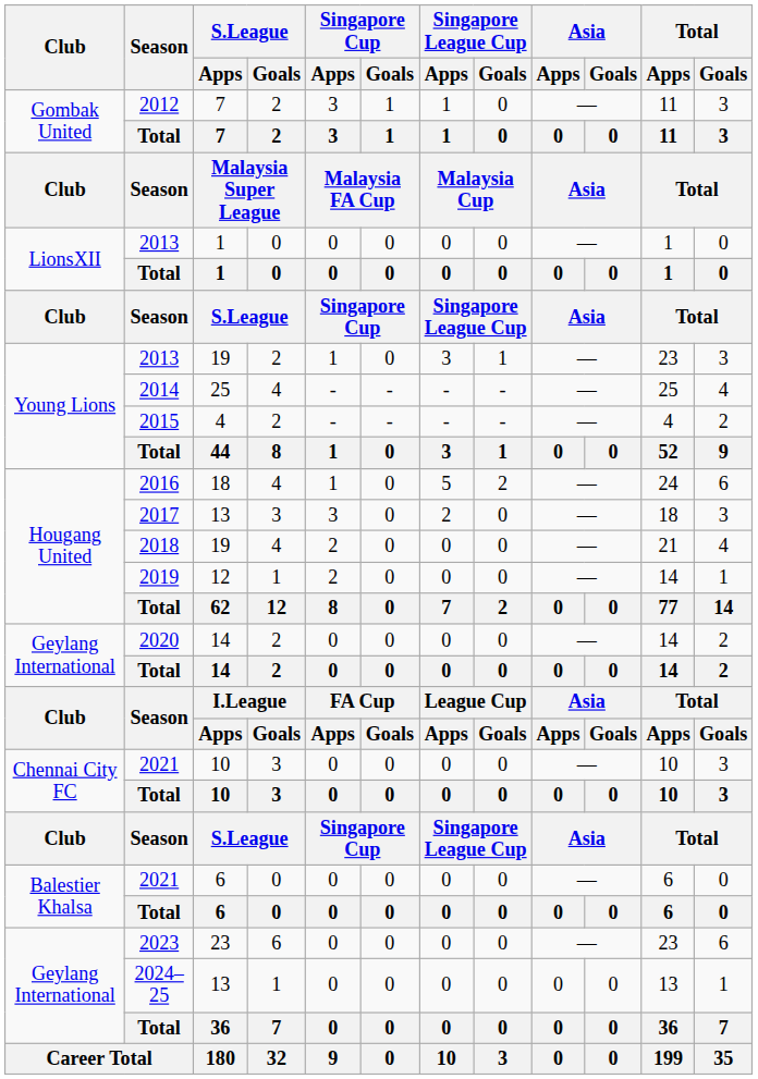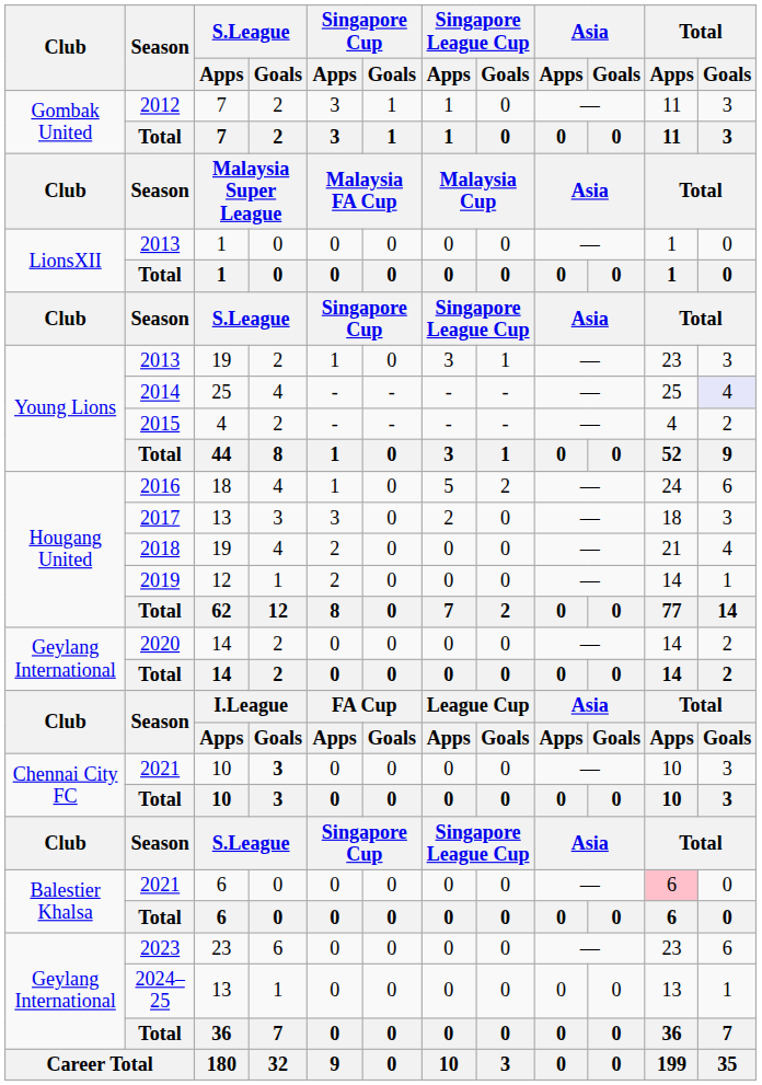 <table class="wikitable" style="text-align:center">
 <tr>
 <th rowspan="2">Club</th>
 <th rowspan="2">Season</th>
 <th colspan="2"><a href='#'>S.League</a></th>
 <th colspan="2"><a href='#'>Singapore Cup</a></th>
 <th colspan="2"><a href='#'>Singapore<br>League Cup</a></th>
 <th colspan="2"><a href='#'>Asia</a></th>
 <th colspan="2">Total</th>
 </tr>
 <tr>
 <th>Apps</th>
 <th>Goals</th>
 <th>Apps</th>
 <th>Goals</th>
 <th>Apps</th>
 <th>Goals</th>
 <th>Apps</th>
 <th>Goals</th>
 <th>Apps</th>
 <th>Goals</th>
 </tr>
 <tr>
 <td rowspan="2"><a href='#'>Gombak United</a></td>
 <td><a href='#'>2012</a></td>
 <td>7</td>
 <td>2</td>
 <td>3</td>
 <td>1</td>
 <td>1</td>
 <td>0</td>
 <td colspan='2'>—</td>
 <td>11</td>
 <td>3</td>
 </tr>
 <tr>
 <th>Total</th>
 <th>7</th>
 <th>2</th>
 <th>3</th>
 <th>1</th>
 <th>1</th>
 <th>0</th>
 <th>0</th>
 <th>0</th>
 <th>11</th>
 <th>3</th>
 </tr>
 <tr>
 <th>Club</th>
 <th>Season</th>
 <th colspan="2"><a href='#'>Malaysia<br>Super League</a></th>
 <th colspan="2"><a href='#'>Malaysia<br>FA Cup</a></th>
 <th colspan="2"><a href='#'>Malaysia Cup</a></th>
 <th colspan="2"><a href='#'>Asia</a></th>
 <th colspan="2">Total</th>
 </tr>
 <tr>
 <td rowspan="2"><a href='#'>LionsXII</a></td>
 <td><a href='#'>2013</a></td>
 <td>1</td>
 <td>0</td>
 <td>0</td>
 <td>0</td>
 <td>0</td>
 <td>0</td>
 <td colspan='2'>—</td>
 <td>1</td>
 <td>0</td>
 </tr>
 <tr>
 <th>Total</th>
 <th>1</th>
 <th>0</th>
 <th>0</th>
 <th>0</th>
 <th>0</th>
 <th>0</th>
 <th>0</th>
 <th>0</th>
 <th>1</th>
 <th>0</th>
 </tr>
 <tr>
 <th rowspan="1">Club</th>
 <th rowspan="1">Season</th>
 <th colspan="2"><a href='#'>S.League</a></th>
 <th colspan="2"><a href='#'>Singapore Cup</a></th>
 <th colspan="2"><a href='#'>Singapore<br>League Cup</a></th>
 <th colspan="2"><a href='#'>Asia</a></th>
 <th colspan="2">Total</th>
 </tr>
 <tr>
 <td rowspan="4"><a href='#'>Young Lions</a></td>
 <td><a href='#'>2013</a></td>
 <td>19</td>
 <td>2</td>
 <td>1</td>
 <td>0</td>
 <td>3</td>
 <td>1</td>
 <td colspan="2">—</td>
 <td>23</td>
 <td>3</td>
 </tr>
 <tr>
 <td><a href='#'>2014</a></td>
 <td>25</td>
 <td>4</td>
 <td>-</td>
 <td>-</td>
 <td>-</td>
 <td>-</td>
 <td colspan="2">—</td>
 <td>25</td>
-<td>4</td>
+<td style="background: lavender;">4</td>
 </tr>
 <tr>
 <td><a href='#'>2015</a></td>
 <td>4</td>
 <td>2</td>
 <td>-</td>
 <td>-</td>
 <td>-</td>
 <td>-</td>
 <td colspan="2">—</td>
 <td>4</td>
 <td>2</td>
 </tr>
 <tr>
 <th>Total</th>
 <th>44</th>
 <th>8</th>
 <th>1</th>
 <th>0</th>
 <th>3</th>
 <th>1</th>
 <th>0</th>
 <th>0</th>
 <th>52</th>
 <th>9</th>
 </tr>
 <tr>
 <td rowspan="5"><a href='#'>Hougang United</a></td>
 <td><a href='#'>2016</a></td>
 <td>18</td>
 <td>4</td>
 <td>1</td>
 <td>0</td>
 <td>5</td>
 <td>2</td>
 <td colspan="2">—</td>
 <td>24</td>
 <td>6</td>
 </tr>
 <tr>
 <td><a href='#'>2017</a></td>
 <td>13</td>
 <td>3</td>
 <td>3</td>
 <td>0</td>
 <td>2</td>
 <td>0</td>
 <td colspan='2'>—</td>
 <td>18</td>
 <td>3</td>
 </tr>
 <tr>
 <td><a href='#'>2018</a></td>
 <td>19</td>
 <td>4</td>
 <td>2</td>
 <td>0</td>
 <td>0</td>
 <td>0</td>
 <td colspan='2'>—</td>
 <td>21</td>
 <td>4</td>
 </tr>
 <tr>
 <td><a href='#'>2019</a></td>
 <td>12</td>
 <td>1</td>
 <td>2</td>
 <td>0</td>
 <td>0</td>
 <td>0</td>
 <td colspan='2'>—</td>
 <td>14</td>
 <td>1</td>
 </tr>
 <tr>
 <th>Total</th>
 <th>62</th>
 <th>12</th>
 <th>8</th>
 <th>0</th>
 <th>7</th>
 <th>2</th>
 <th>0</th>
 <th>0</th>
 <th>77</th>
 <th>14</th>
 </tr>
 <tr>
 <td rowspan="2"><a href='#'>Geylang International</a></td>
 <td><a href='#'>2020</a></td>
 <td>14</td>
 <td>2</td>
 <td>0</td>
 <td>0</td>
 <td>0</td>
 <td>0</td>
 <td colspan='2'>—</td>
 <td>14</td>
 <td>2</td>
 </tr>
 <tr>
 <th>Total</th>
 <th>14</th>
 <th>2</th>
 <th>0</th>
 <th>0</th>
 <th>0</th>
 <th>0</th>
 <th>0</th>
 <th>0</th>
 <th>14</th>
 <th>2</th>
 </tr>
 <tr>
 <th rowspan="2">Club</th>
 <th rowspan="2">Season</th>
 <th colspan="2">I.League</th>
 <th colspan="2">FA Cup</th>
 <th colspan="2">League Cup</th>
 <th colspan="2"><a href='#'>Asia</a></th>
 <th colspan="2">Total</th>
 </tr>
 <tr>
 <th>Apps</th>
 <th>Goals</th>
 <th>Apps</th>
 <th>Goals</th>
 <th>Apps</th>
 <th>Goals</th>
 <th>Apps</th>
 <th>Goals</th>
 <th>Apps</th>
 <th>Goals</th>
 </tr>
 <tr>
 <td rowspan="2"><a href='#'>Chennai City FC</a></td>
 <td><a href='#'>2021</a></td>
 <td>10</td>
-<td>3</td>
+<td><strong>3</strong></td>
 <td>0</td>
 <td>0</td>
 <td>0</td>
 <td>0</td>
 <td colspan='2'>—</td>
 <td>10</td>
 <td>3</td>
 </tr>
 <tr>
 <th>Total</th>
 <th>10</th>
 <th>3</th>
 <th>0</th>
 <th>0</th>
 <th>0</th>
 <th>0</th>
 <th>0</th>
 <th>0</th>
 <th>10</th>
 <th>3</th>
 </tr>
 <tr>
 <th rowspan="1">Club</th>
 <th rowspan="1">Season</th>
 <th colspan="2"><a href='#'>S.League</a></th>
 <th colspan="2"><a href='#'>Singapore Cup</a></th>
 <th colspan="2"><a href='#'>Singapore<br>League Cup</a></th>
 <th colspan="2"><a href='#'>Asia</a></th>
 <th colspan="2">Total</th>
 </tr>
 <tr>
 <td rowspan="2"><a href='#'>Balestier Khalsa</a></td>
 <td><a href='#'>2021</a></td>
 <td>6</td>
 <td>0</td>
 <td>0</td>
 <td>0</td>
 <td>0</td>
 <td>0</td>
 <td colspan='2'>—</td>
-<td>6</td>
+<td style="background: pink;">6</td>
 <td>0</td>
 </tr>
 <tr>
 <th>Total</th>
 <th>6</th>
 <th>0</th>
 <th>0</th>
 <th>0</th>
 <th>0</th>
 <th>0</th>
 <th>0</th>
 <th>0</th>
 <th>6</th>
 <th>0</th>
 </tr>
 <tr>
 <td rowspan="3"><a href='#'>Geylang International</a></td>
 <td><a href='#'>2023</a></td>
 <td>23</td>
 <td>6</td>
 <td>0</td>
 <td>0</td>
 <td>0</td>
 <td>0</td>
 <td colspan='2'>—</td>
 <td>23</td>
 <td>6</td>
 </tr>
 <tr>
 <td><a href='#'>2024–25</a></td>
 <td>13</td>
 <td>1</td>
 <td>0</td>
 <td>0</td>
 <td>0</td>
 <td>0</td>
 <td>0</td>
 <td>0</td>
 <td>13</td>
 <td>1</td>
 </tr>
 <tr>
 <th>Total</th>
 <th>36</th>
 <th>7</th>
 <th>0</th>
 <th>0</th>
 <th>0</th>
 <th>0</th>
 <th>0</th>
 <th>0</th>
 <th>36</th>
 <th>7</th>
 </tr>
 <tr>
 <th colspan="2">Career Total</th>
 <th>180</th>
 <th>32</th>
 <th>9</th>
 <th>0</th>
 <th>10</th>
 <th>3</th>
 <th>0</th>
 <th>0</th>
 <th>199</th>
 <th>35</th>
 </tr>
 <tr>
 </tr>
 </table>
